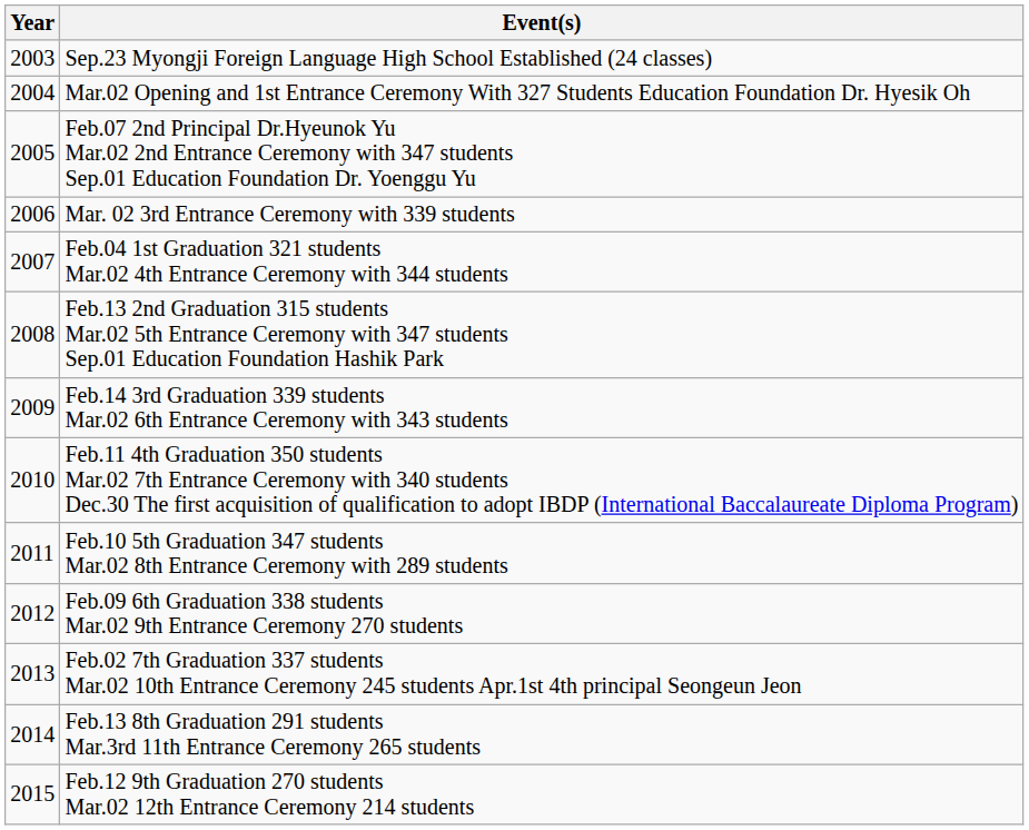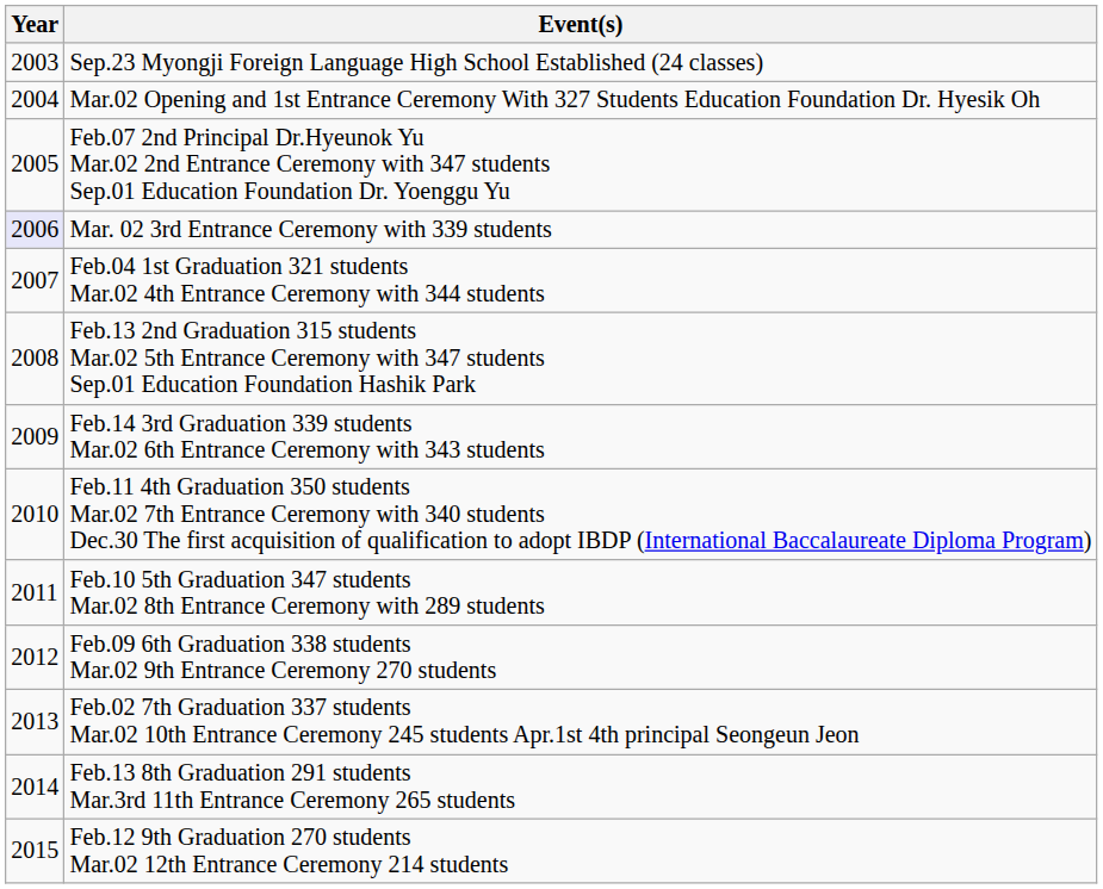 <table class="wikitable">
 <tr>
 <th>Year</th>
 <th>Event(s)</th>
 </tr>
 <tr>
 <td>2003</td>
 <td>Sep.23 Myongji Foreign Language High School  Established (24 classes)</td>
 </tr>
 <tr>
 <td>2004</td>
 <td>Mar.02 Opening and 1st Entrance Ceremony With 327 Students Education Foundation Dr. Hyesik Oh</td>
 </tr>
 <tr>
 <td>2005</td>
 <td>Feb.07	2nd Principal Dr.Hyeunok Yu<br>Mar.02	2nd Entrance Ceremony with 347 students<br>Sep.01	Education Foundation Dr. Yoenggu Yu</td>
 </tr>
 <tr>
-<td>2006</td>
+<td style="background: lavender;">2006</td>
 <td>Mar. 02 3rd Entrance Ceremony with 339 students</td>
 </tr>
 <tr>
 <td>2007</td>
 <td>Feb.04	1st Graduation 321 students<br>Mar.02	4th Entrance Ceremony with 344 students</td>
 </tr>
 <tr>
 <td>2008</td>
 <td>Feb.13	2nd Graduation 315 students<br>Mar.02	5th Entrance Ceremony with 347 students<br>Sep.01	Education Foundation  Hashik Park</td>
 </tr>
 <tr>
 <td>2009</td>
 <td>Feb.14	3rd Graduation 339 students<br>Mar.02	6th Entrance Ceremony with 343 students</td>
 </tr>
 <tr>
 <td>2010</td>
 <td>Feb.11	4th Graduation 350 students<br>Mar.02	7th Entrance Ceremony with 340 students<br>Dec.30	The first acquisition of qualification to adopt IBDP (<a href='#'>International Baccalaureate Diploma Program</a>)</td>
 </tr>
 <tr>
 <td>2011</td>
 <td>Feb.10	5th Graduation 347 students<br>Mar.02	8th Entrance Ceremony with 289 students</td>
 </tr>
 <tr>
 <td>2012</td>
 <td>Feb.09 6th Graduation 338 students<br>Mar.02 9th Entrance Ceremony 270 students</td>
 </tr>
 <tr>
 <td>2013</td>
 <td>Feb.02 7th Graduation 337 students<br>Mar.02 10th Entrance Ceremony 245 students Apr.1st 4th principal Seongeun Jeon</td>
 </tr>
 <tr>
 <td>2014</td>
 <td>Feb.13 8th Graduation 291 students<br>Mar.3rd 11th Entrance Ceremony 265 students</td>
 </tr>
 <tr>
 <td>2015</td>
 <td>Feb.12 9th Graduation 270 students<br>Mar.02 12th Entrance Ceremony 214 students</td>
 </tr>
 </table>
